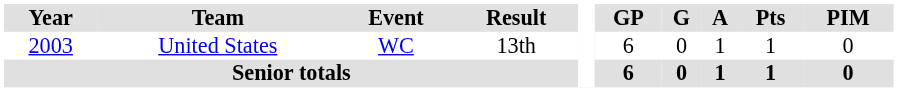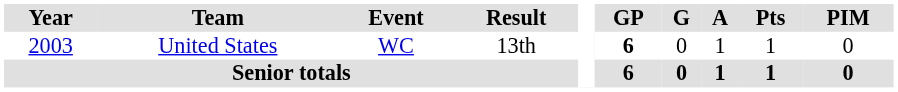 <table border="0" cellpadding="1" cellspacing="0" style="text-align:center; width:40em">
 <tr ALIGN="center" bgcolor="#e0e0e0">
 <th>Year</th>
 <th>Team</th>
 <th>Event</th>
 <th>Result</th>
 <th rowspan="99" bgcolor="#ffffff"> </th>
 <th>GP</th>
 <th>G</th>
 <th>A</th>
 <th>Pts</th>
 <th>PIM</th>
 </tr>
 <tr>
 <td><a href='#'>2003</a></td>
 <td><a href='#'>United States</a></td>
 <td><a href='#'>WC</a></td>
 <td>13th</td>
-<td>6</td>
+<td><strong>6</strong></td>
 <td>0</td>
 <td>1</td>
 <td>1</td>
 <td>0</td>
 </tr>
 <tr bgcolor="#e0e0e0">
 <th colspan="4">Senior totals</th>
 <th>6</th>
 <th>0</th>
 <th>1</th>
 <th>1</th>
 <th>0</th>
 </tr>
 </table>
